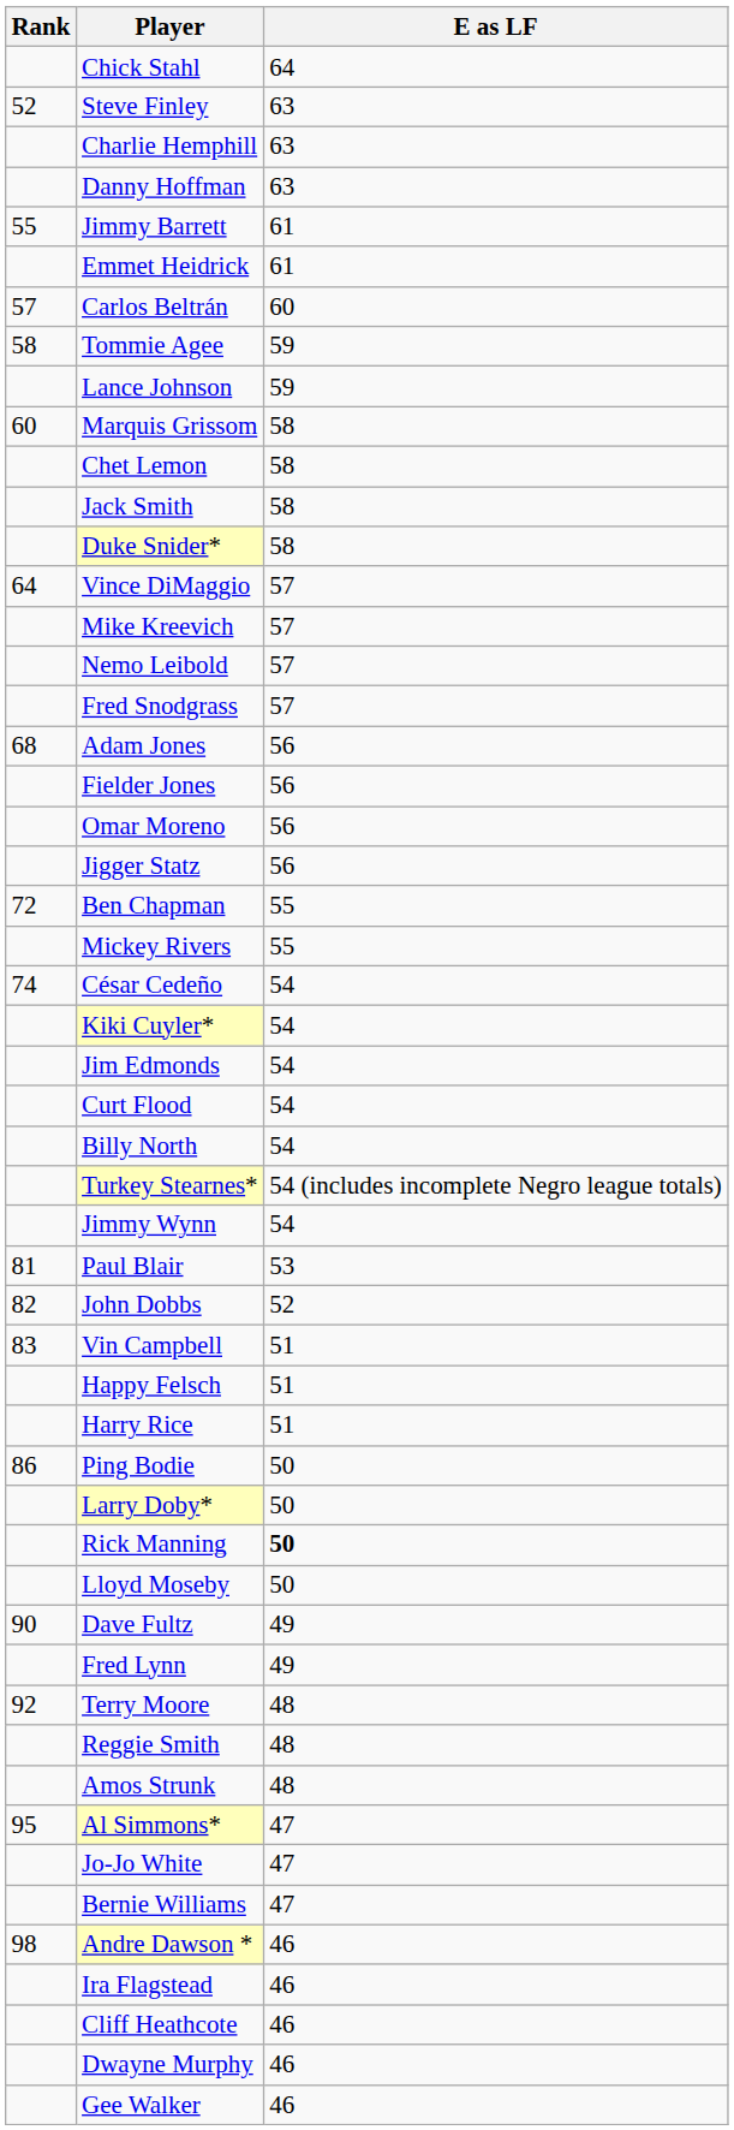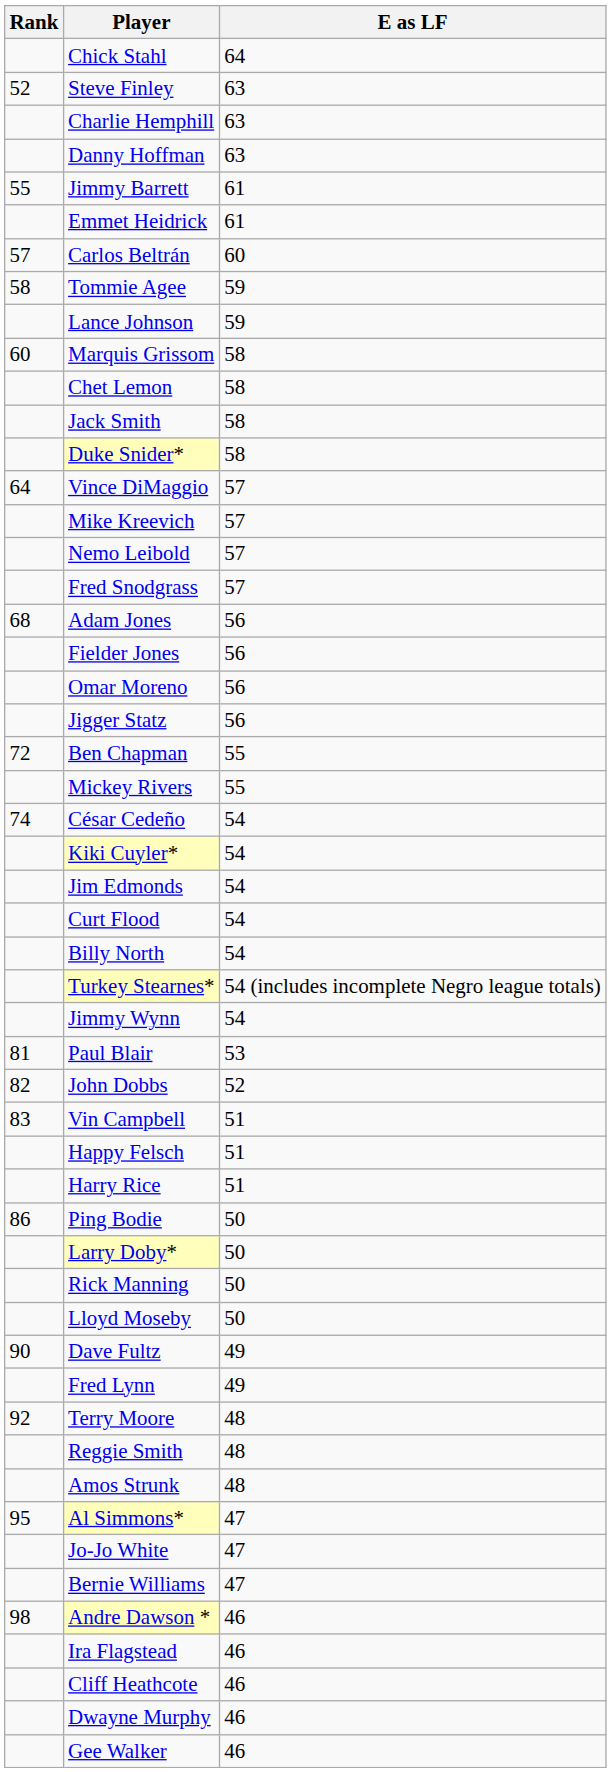 <table class="wikitable" style="float:left;">
 <tr>
 <th>Rank</th>
 <th>Player</th>
 <th>E as LF</th>
 </tr>
 <tr>
 <td></td>
 <td><a href='#'>Chick Stahl</a> </td>
 <td>64</td>
 </tr>
 <tr>
 <td>52</td>
 <td><a href='#'>Steve Finley</a></td>
 <td>63</td>
 </tr>
 <tr>
 <td></td>
 <td><a href='#'>Charlie Hemphill</a> </td>
 <td>63</td>
 </tr>
 <tr>
 <td></td>
 <td><a href='#'>Danny Hoffman</a></td>
 <td>63</td>
 </tr>
 <tr>
 <td>55</td>
 <td><a href='#'>Jimmy Barrett</a> </td>
 <td>61</td>
 </tr>
 <tr>
 <td></td>
 <td><a href='#'>Emmet Heidrick</a> </td>
 <td>61</td>
 </tr>
 <tr>
 <td>57</td>
 <td><a href='#'>Carlos Beltrán</a></td>
 <td>60</td>
 </tr>
 <tr>
 <td>58</td>
 <td><a href='#'>Tommie Agee</a></td>
 <td>59</td>
 </tr>
 <tr>
 <td></td>
 <td><a href='#'>Lance Johnson</a></td>
 <td>59</td>
 </tr>
 <tr>
 <td>60</td>
 <td><a href='#'>Marquis Grissom</a></td>
 <td>58</td>
 </tr>
 <tr>
 <td></td>
 <td><a href='#'>Chet Lemon</a></td>
 <td>58</td>
 </tr>
 <tr>
 <td></td>
 <td><a href='#'>Jack Smith</a></td>
 <td>58</td>
 </tr>
 <tr>
 <td></td>
 <td style="background:#ffffbb;"><a href='#'>Duke Snider</a>*</td>
 <td>58</td>
 </tr>
 <tr>
 <td>64</td>
 <td><a href='#'>Vince DiMaggio</a></td>
 <td>57</td>
 </tr>
 <tr>
 <td></td>
 <td><a href='#'>Mike Kreevich</a></td>
 <td>57</td>
 </tr>
 <tr>
 <td></td>
 <td><a href='#'>Nemo Leibold</a></td>
 <td>57</td>
 </tr>
 <tr>
 <td></td>
 <td><a href='#'>Fred Snodgrass</a></td>
 <td>57</td>
 </tr>
 <tr>
 <td>68</td>
 <td><a href='#'>Adam Jones</a></td>
 <td>56</td>
 </tr>
 <tr>
 <td></td>
 <td><a href='#'>Fielder Jones</a> </td>
 <td>56</td>
 </tr>
 <tr>
 <td></td>
 <td><a href='#'>Omar Moreno</a></td>
 <td>56</td>
 </tr>
 <tr>
 <td></td>
 <td><a href='#'>Jigger Statz</a></td>
 <td>56</td>
 </tr>
 <tr>
 <td>72</td>
 <td><a href='#'>Ben Chapman</a></td>
 <td>55</td>
 </tr>
 <tr>
 <td></td>
 <td><a href='#'>Mickey Rivers</a></td>
 <td>55</td>
 </tr>
 <tr>
 <td>74</td>
 <td><a href='#'>César Cedeño</a></td>
 <td>54</td>
 </tr>
 <tr>
 <td></td>
 <td style="background:#ffffbb;"><a href='#'>Kiki Cuyler</a>*</td>
 <td>54</td>
 </tr>
 <tr>
 <td></td>
 <td><a href='#'>Jim Edmonds</a></td>
 <td>54</td>
 </tr>
 <tr>
 <td></td>
 <td><a href='#'>Curt Flood</a></td>
 <td>54</td>
 </tr>
 <tr>
 <td></td>
 <td><a href='#'>Billy North</a></td>
 <td>54</td>
 </tr>
 <tr>
 <td></td>
 <td style="background:#ffffbb;"><a href='#'>Turkey Stearnes</a>*</td>
 <td>54 (includes incomplete Negro league totals)</td>
 </tr>
 <tr>
 <td></td>
 <td><a href='#'>Jimmy Wynn</a></td>
 <td>54</td>
 </tr>
 <tr>
 <td>81</td>
 <td><a href='#'>Paul Blair</a></td>
 <td>53</td>
 </tr>
 <tr>
 <td>82</td>
 <td><a href='#'>John Dobbs</a></td>
 <td>52</td>
 </tr>
 <tr>
 <td>83</td>
 <td><a href='#'>Vin Campbell</a></td>
 <td>51</td>
 </tr>
 <tr>
 <td></td>
 <td><a href='#'>Happy Felsch</a></td>
 <td>51</td>
 </tr>
 <tr>
 <td></td>
 <td><a href='#'>Harry Rice</a></td>
 <td>51</td>
 </tr>
 <tr>
 <td>86</td>
 <td><a href='#'>Ping Bodie</a></td>
 <td>50</td>
 </tr>
 <tr>
 <td></td>
 <td style="background:#ffffbb;"><a href='#'>Larry Doby</a>*</td>
 <td>50</td>
 </tr>
 <tr>
 <td></td>
 <td><a href='#'>Rick Manning</a></td>
-<td><strong>50</strong></td>
+<td>50</td>
 </tr>
 <tr>
 <td></td>
 <td><a href='#'>Lloyd Moseby</a></td>
 <td>50</td>
 </tr>
 <tr>
 <td>90</td>
 <td><a href='#'>Dave Fultz</a> </td>
 <td>49</td>
 </tr>
 <tr>
 <td></td>
 <td><a href='#'>Fred Lynn</a></td>
 <td>49</td>
 </tr>
 <tr>
 <td>92</td>
 <td><a href='#'>Terry Moore</a></td>
 <td>48</td>
 </tr>
 <tr>
 <td></td>
 <td><a href='#'>Reggie Smith</a></td>
 <td>48</td>
 </tr>
 <tr>
 <td></td>
 <td><a href='#'>Amos Strunk</a></td>
 <td>48</td>
 </tr>
 <tr>
 <td>95</td>
 <td style="background:#ffffbb;"><a href='#'>Al Simmons</a>*</td>
 <td>47</td>
 </tr>
 <tr>
 <td></td>
 <td><a href='#'>Jo-Jo White</a></td>
 <td>47</td>
 </tr>
 <tr>
 <td></td>
 <td><a href='#'>Bernie Williams</a></td>
 <td>47</td>
 </tr>
 <tr>
 <td>98</td>
 <td style="background:#ffffbb;"><a href='#'>Andre Dawson</a> *</td>
 <td>46</td>
 </tr>
 <tr>
 <td></td>
 <td><a href='#'>Ira Flagstead</a></td>
 <td>46</td>
 </tr>
 <tr>
 <td></td>
 <td><a href='#'>Cliff Heathcote</a></td>
 <td>46</td>
 </tr>
 <tr>
 <td></td>
 <td><a href='#'>Dwayne Murphy</a></td>
 <td>46</td>
 </tr>
 <tr>
 <td></td>
 <td><a href='#'>Gee Walker</a></td>
 <td>46</td>
 </tr>
 </table>
